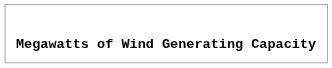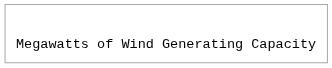 <table style="border:solid 1px #aaa;margin-left:1em;float:left" cellpadding="10" cellspacing="0">
 <tr>
 <td></td>
 </tr>
 <tr>
-<td><strong>Megawatts of Wind Generating Capacity</strong></td>
+<td>Megawatts of Wind Generating Capacity</td>
 </tr>
 </table>
